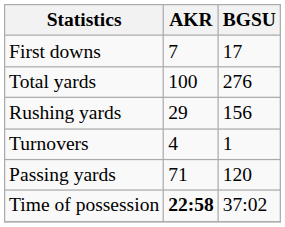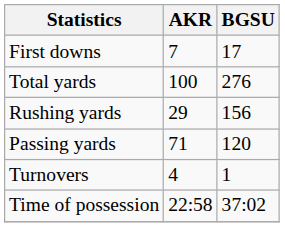 <table class="wikitable">
 <tr>
 <th>Statistics</th>
 <th>AKR</th>
 <th>BGSU</th>
 </tr>
 <tr>
 <td>First downs</td>
 <td>7</td>
 <td>17</td>
 </tr>
 <tr>
 <td>Total yards</td>
 <td>100</td>
 <td>276</td>
 </tr>
 <tr>
 <td>Rushing yards</td>
 <td>29</td>
 <td>156</td>
 </tr>
 <tr>
+<td>Passing yards</td>
+<td>71</td>
+<td>120</td>
+</tr>
+<tr>
 <td>Turnovers</td>
 <td>4</td>
 <td>1</td>
 </tr>
 <tr>
-<td>Passing yards</td>
-<td>71</td>
-<td>120</td>
-</tr>
-<tr>
 <td>Time of possession</td>
-<td><strong>22:58</strong></td>
+<td>22:58</td>
 <td>37:02</td>
 </tr>
 <tr>
 </tr>
 </table>
